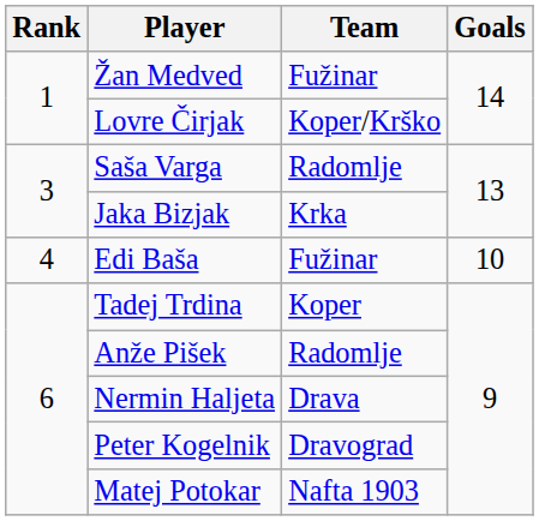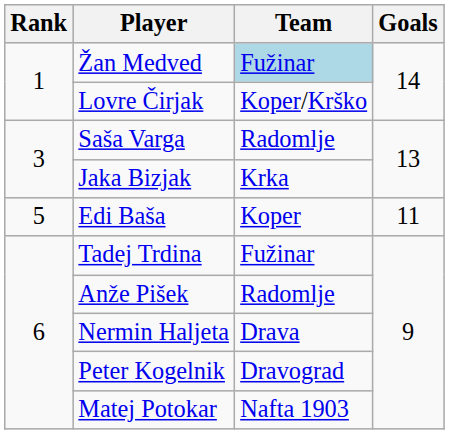 <table class="wikitable" style="text-align:center;">
 <tr>
 <th>Rank</th>
 <th>Player</th>
 <th>Team</th>
 <th>Goals</th>
 </tr>
 <tr>
 <td rowspan="2">1</td>
 <td align=left> <a href='#'>Žan Medved</a></td>
-<td align=left><a href='#'>Fužinar</a></td>
+<td align=left style="background: lightblue;"><a href='#'>Fužinar</a></td>
 <td rowspan="2">14</td>
 </tr>
 <tr>
 <td align=left> <a href='#'>Lovre Čirjak</a></td>
 <td align=left><a href='#'>Koper</a>/<a href='#'>Krško</a></td>
 </tr>
 <tr>
 <td rowspan="2">3</td>
 <td align=left> <a href='#'>Saša Varga</a></td>
 <td align=left><a href='#'>Radomlje</a></td>
 <td rowspan="2">13</td>
 </tr>
 <tr>
 <td align=left> <a href='#'>Jaka Bizjak</a></td>
 <td align=left><a href='#'>Krka</a></td>
 </tr>
 <tr>
-<td rowspan="1">4</td>
+<td rowspan="1">5</td>
 <td align=left> <a href='#'>Edi Baša</a></td>
-<td align=left><a href='#'>Fužinar</a></td>
-<td rowspan="1">10</td>
+<td align=left><a href='#'>Koper</a></td>
+<td rowspan="1">11</td>
 </tr>
 <tr>
 <td rowspan="5">6</td>
 <td align=left> <a href='#'>Tadej Trdina</a></td>
-<td align=left><a href='#'>Koper</a></td>
+<td align=left><a href='#'>Fužinar</a></td>
 <td rowspan="5">9</td>
 </tr>
 <tr>
 <td align=left> <a href='#'>Anže Pišek</a></td>
 <td align=left><a href='#'>Radomlje</a></td>
 </tr>
 <tr>
 <td align=left> <a href='#'>Nermin Haljeta</a></td>
 <td align=left><a href='#'>Drava</a></td>
 </tr>
 <tr>
 <td align=left> <a href='#'>Peter Kogelnik</a></td>
 <td align=left><a href='#'>Dravograd</a></td>
 </tr>
 <tr>
 <td align=left> <a href='#'>Matej Potokar</a></td>
 <td align=left><a href='#'>Nafta 1903</a></td>
 </tr>
 </table>
